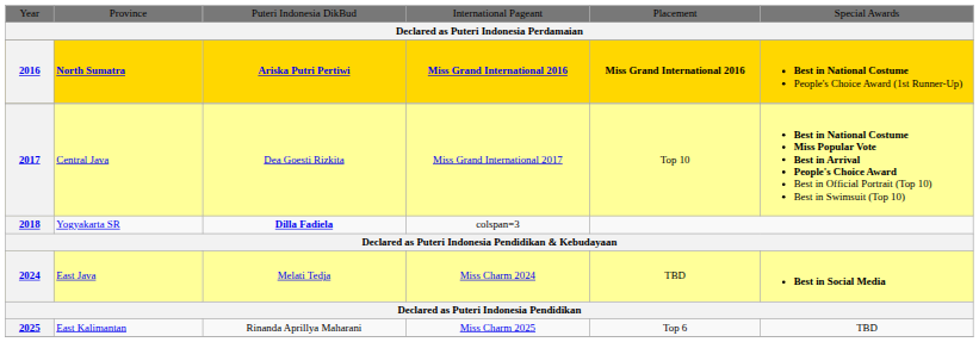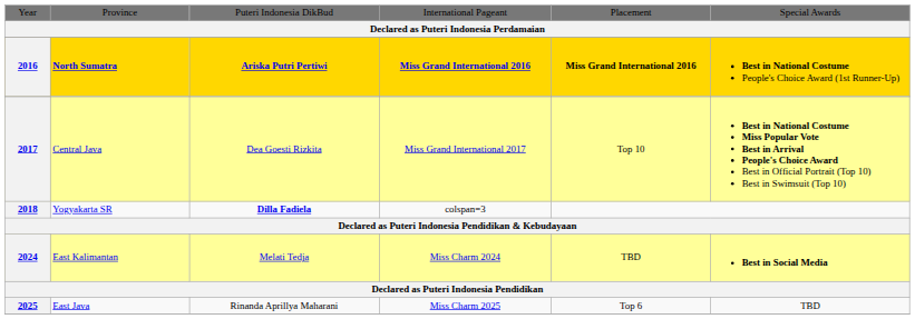 <table class="wikitable" style="font-size: 85%; text-align:center">
 <tr bgcolor="#787878" colspan=10 align="center">
 <td width="60"><span>Year</span></td>
 <td width="200"><span>Province</span></td>
 <td width="280"><span>Puteri Indonesia DikBud</span></td>
 <td width="250"><span>International Pageant</span></td>
 <td width="230"><span>Placement</span></td>
 <td width="290"><span>Special Awards</span></td>
 </tr>
 <tr>
 <th colspan="7">Declared as Puteri Indonesia Perdamaian</th>
 </tr>
 <tr>
 </tr>
 <tr style="background-color:gold; ">
 <th><strong><a href='#'>2016</a></strong></th>
 <td align="left"><strong><a href='#'>North Sumatra</a></strong></td>
 <td><strong><a href='#'>Ariska Putri Pertiwi</a></strong></td>
 <td><strong><a href='#'>Miss Grand International 2016</a></strong></td>
 <td><strong>Miss Grand International 2016</strong></td>
 <td align="left"><br><ul><li><strong>Best in National Costume</strong></li><li>People's Choice Award (1st Runner-Up)</li></ul></td>
 </tr>
 <tr>
 </tr>
 <tr style="background-color:#FFFF99; ">
 <th><a href='#'>2017</a></th>
 <td align="left"><a href='#'>Central Java</a></td>
 <td><a href='#'>Dea Goesti Rizkita</a></td>
 <td><a href='#'>Miss Grand International 2017</a></td>
 <td>Top 10</td>
 <td align="left"><br><ul><li><strong>Best in National Costume</strong></li><li><strong>Miss Popular Vote</strong></li><li><strong>Best in Arrival</strong></li><li><strong>People's Choice Award</strong></li><li>Best in Official Portrait (Top 10)</li><li>Best in Swimsuit (Top 10)</li></ul></td>
 </tr>
 <tr>
 <th><a href='#'>2018</a></th>
 <td align="left"><a href='#'>Yogyakarta SR</a></td>
 <td><strong><a href='#'>Dilla Fadiela</a></strong></td>
 <td>colspan=3 </td>
 </tr>
 <tr>
 <th colspan="7">Declared as Puteri Indonesia Pendidikan & Kebudayaan</th>
 </tr>
 <tr style="background-color:#FFFF99; ">
 <th><a href='#'>2024</a></th>
-<td align="left"><a href='#'>East Java</a></td>
+<td align="left"><a href='#'>East Kalimantan</a></td>
 <td><a href='#'>Melati Tedja</a></td>
 <td><a href='#'>Miss Charm 2024</a></td>
 <td>TBD</td>
 <td align="left"><br><ul><li><strong>Best in Social Media</strong></li></ul></td>
 </tr>
 <tr>
 <th colspan="7">Declared as Puteri Indonesia Pendidikan</th>
 </tr>
 <tr>
 <th><a href='#'>2025</a></th>
-<td align="left"><a href='#'>East Kalimantan</a></td>
+<td align="left"><a href='#'>East Java</a></td>
 <td>Rinanda Aprillya Maharani</td>
 <td><a href='#'>Miss Charm 2025</a></td>
 <td>Top 6</td>
 <td>TBD</td>
 </tr>
 <tr>
 </tr>
 </table>
